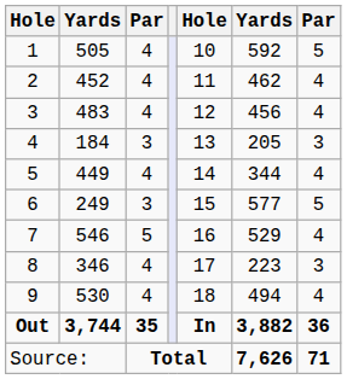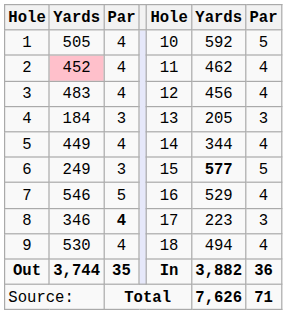 <table class="wikitable" style="text-align:center; font-size:100%">
 <tr>
 <th>Hole</th>
 <th>Yards</th>
 <th>Par</th>
 <th></th>
 <th>Hole</th>
 <th>Yards</th>
 <th>Par</th>
 </tr>
 <tr>
 <td>1</td>
 <td>505</td>
 <td>4</td>
 <td rowspan=10 style="background:#E6E8FA;"></td>
 <td>10</td>
 <td>592</td>
 <td>5</td>
 </tr>
 <tr>
 <td>2</td>
-<td>452</td>
+<td style="background: pink;">452</td>
 <td>4</td>
 <td>11</td>
 <td>462</td>
 <td>4</td>
 </tr>
 <tr>
 <td>3</td>
 <td>483</td>
 <td>4</td>
 <td>12</td>
 <td>456</td>
 <td>4</td>
 </tr>
 <tr>
 <td>4</td>
 <td>184</td>
 <td>3</td>
 <td>13</td>
 <td>205</td>
 <td>3</td>
 </tr>
 <tr>
 <td>5</td>
 <td>449</td>
 <td>4</td>
 <td>14</td>
 <td>344</td>
 <td>4</td>
 </tr>
 <tr>
 <td>6</td>
 <td>249</td>
 <td>3</td>
 <td>15</td>
-<td>577</td>
+<td><strong>577</strong></td>
 <td>5</td>
 </tr>
 <tr>
 <td>7</td>
 <td>546</td>
 <td>5</td>
 <td>16</td>
 <td>529</td>
 <td>4</td>
 </tr>
 <tr>
 <td>8</td>
 <td>346</td>
-<td>4</td>
+<td><strong>4</strong></td>
 <td>17</td>
 <td>223</td>
 <td>3</td>
 </tr>
 <tr>
 <td>9</td>
 <td>530</td>
 <td>4</td>
 <td>18</td>
 <td>494</td>
 <td>4</td>
 </tr>
 <tr>
 <td><strong>Out</strong></td>
 <td><strong>3,744</strong></td>
 <td><strong>35</strong></td>
 <td><strong>In</strong></td>
 <td><strong>3,882</strong></td>
 <td><strong>36</strong></td>
 </tr>
 <tr>
 <td colspan=2 align=left>Source:</td>
 <td colspan=3><strong>Total</strong></td>
 <td><strong>7,626</strong></td>
 <td><strong>71</strong></td>
 </tr>
 </table>
